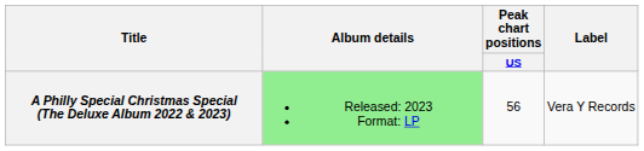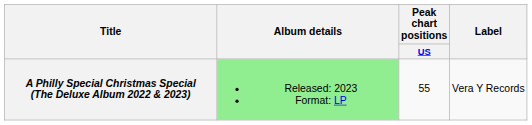 <table class="wikitable plainrowheaders" style="text-align:center;" border="1">
 <tr>
 <th scope="col" rowspan="2" style="width:20em;">Title</th>
 <th scope="col" rowspan="2" style="width:17em;">Album details</th>
 <th scope="col">Peak chart positions</th>
 <th scope="col" rowspan="2">Label</th>
 </tr>
 <tr>
 <th scope="col" style="width:3em;font-size:90%;"><a href='#'>US</a></th>
 </tr>
 <tr>
 <th scope="row"><em>A Philly Special Christmas Special<br>(The Deluxe Album 2022 & 2023)</em></th>
 <td style="background: lightgreen;"><br><ul><li>Released: 2023</li><li>Format: <a href='#'>LP</a></li></ul></td>
-<td>56</td>
+<td>55</td>
 <td>Vera Y Records</td>
 </tr>
 </table>
